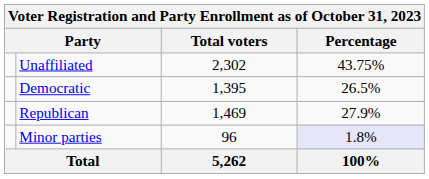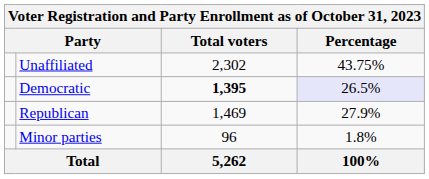 <table class=wikitable>
 <tr>
 <th colspan = 6>Voter Registration and Party Enrollment as of October 31, 2023</th>
 </tr>
 <tr>
 <th colspan = 2>Party</th>
 <th>Total voters</th>
 <th>Percentage</th>
 </tr>
 <tr>
 <td></td>
 <td><a href='#'>Unaffiliated</a></td>
 <td align=center>2,302</td>
 <td align=center>43.75%</td>
 </tr>
 <tr>
 <td></td>
 <td><a href='#'>Democratic</a></td>
-<td align=center>1,395</td>
-<td align=center>26.5%</td>
+<td align=center><strong>1,395</strong></td>
+<td align=center style="background: lavender;">26.5%</td>
 </tr>
 <tr>
 <td></td>
 <td><a href='#'>Republican</a></td>
 <td align=center>1,469</td>
 <td align=center>27.9%</td>
 </tr>
 <tr>
 <td></td>
 <td><a href='#'>Minor parties</a></td>
 <td align=center>96</td>
-<td align=center style="background: lavender;">1.8%</td>
+<td align=center>1.8%</td>
 </tr>
 <tr>
 <th colspan = 2>Total</th>
 <th align=center>5,262</th>
 <th align=center>100%</th>
 </tr>
 </table>
